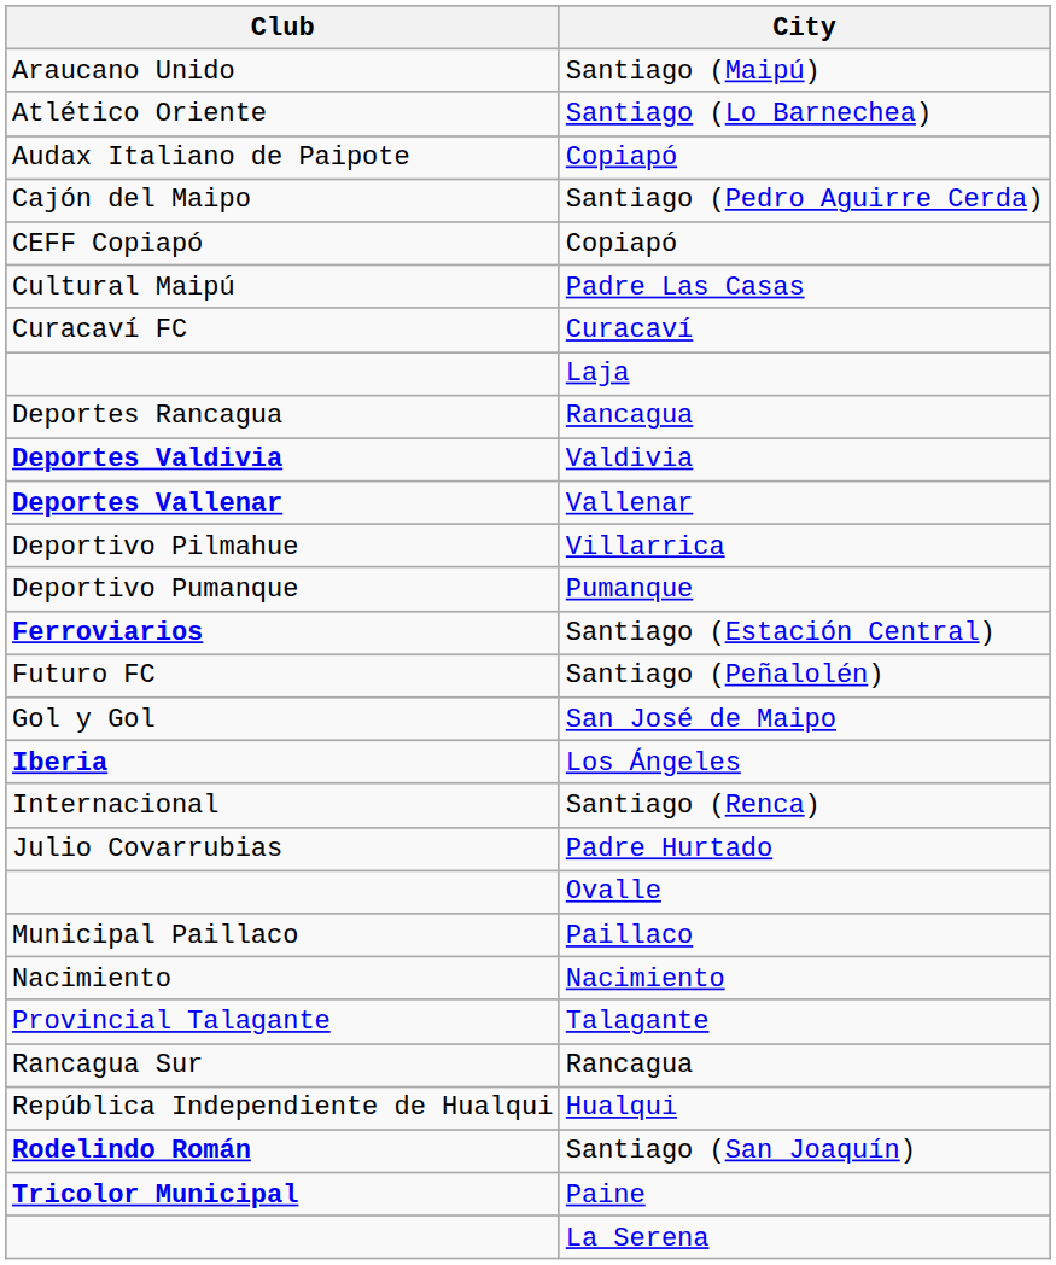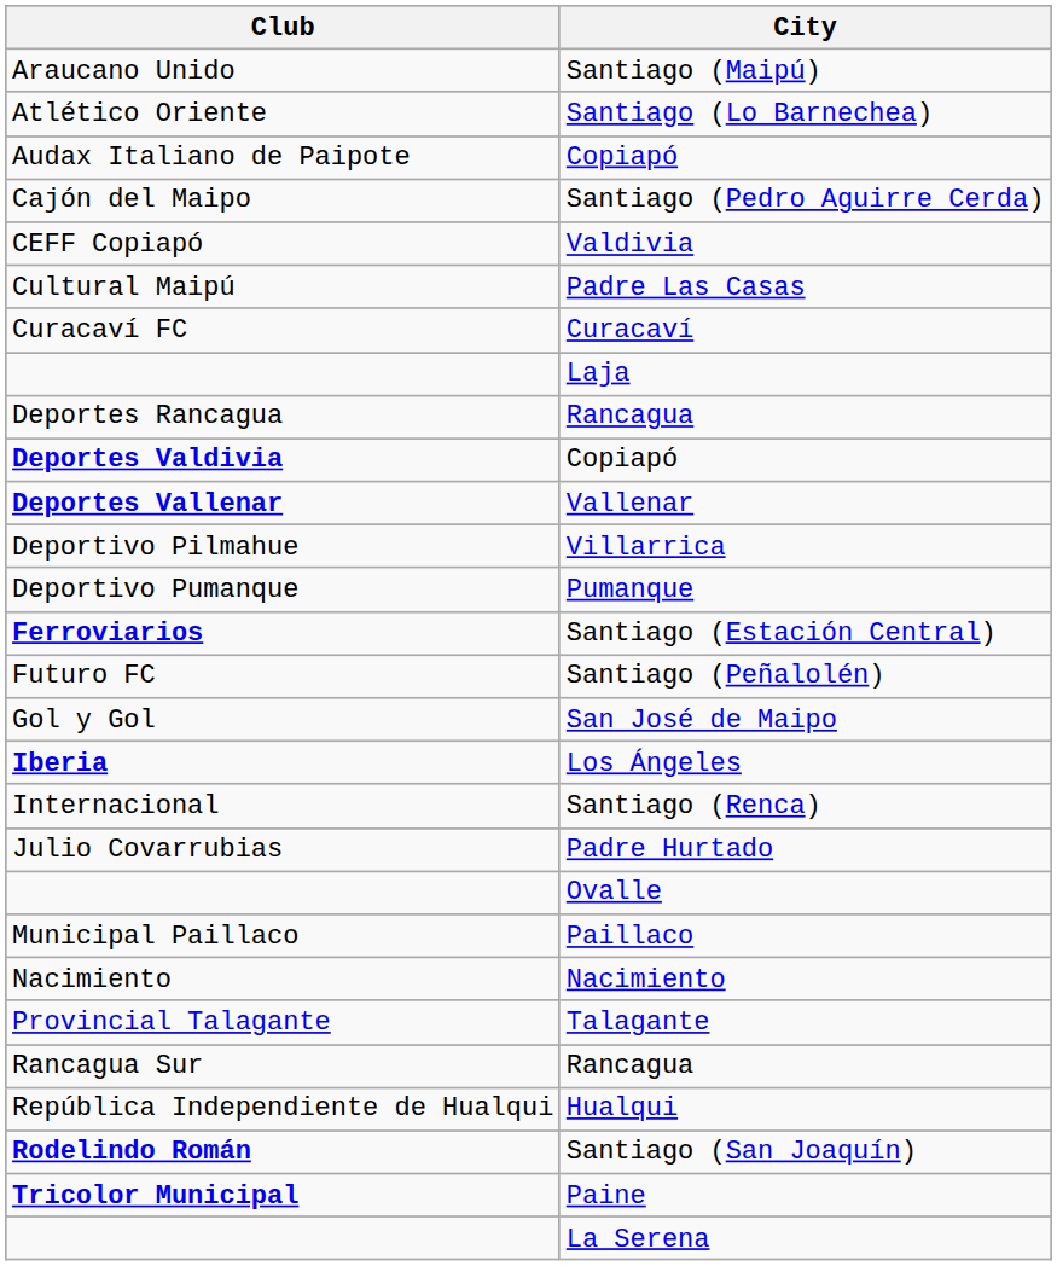 <table class="wikitable sortable">
 <tr>
 <th>Club</th>
 <th>City</th>
 </tr>
 <tr>
 <td>Araucano Unido</td>
 <td>Santiago (<a href='#'>Maipú</a>)</td>
 </tr>
 <tr>
 <td>Atlético Oriente</td>
 <td><a href='#'>Santiago</a> (<a href='#'>Lo Barnechea</a>)</td>
 </tr>
 <tr>
 <td>Audax Italiano de Paipote</td>
 <td><a href='#'>Copiapó</a></td>
 </tr>
 <tr>
 <td>Cajón del Maipo</td>
 <td>Santiago (<a href='#'>Pedro Aguirre Cerda</a>)</td>
 </tr>
 <tr>
 <td>CEFF Copiapó</td>
-<td>Copiapó</td>
+<td><a href='#'>Valdivia</a></td>
 </tr>
 <tr>
 <td>Cultural Maipú</td>
 <td><a href='#'>Padre Las Casas</a></td>
 </tr>
 <tr>
 <td>Curacaví FC</td>
 <td><a href='#'>Curacaví</a></td>
 </tr>
 <tr>
 <td><strong></strong></td>
 <td><a href='#'>Laja</a></td>
 </tr>
 <tr>
 <td>Deportes Rancagua</td>
 <td><a href='#'>Rancagua</a></td>
 </tr>
 <tr>
 <td><strong><a href='#'>Deportes Valdivia</a></strong></td>
-<td><a href='#'>Valdivia</a></td>
+<td>Copiapó</td>
 </tr>
 <tr>
 <td><strong><a href='#'>Deportes Vallenar</a></strong></td>
 <td><a href='#'>Vallenar</a></td>
 </tr>
 <tr>
 <td>Deportivo Pilmahue</td>
 <td><a href='#'>Villarrica</a></td>
 </tr>
 <tr>
 <td>Deportivo Pumanque</td>
 <td><a href='#'>Pumanque</a></td>
 </tr>
 <tr>
 <td><strong><a href='#'>Ferroviarios</a></strong></td>
 <td>Santiago (<a href='#'>Estación Central</a>)</td>
 </tr>
 <tr>
 <td>Futuro FC</td>
 <td>Santiago (<a href='#'>Peñalolén</a>)</td>
 </tr>
 <tr>
 <td>Gol y Gol</td>
 <td><a href='#'>San José de Maipo</a></td>
 </tr>
 <tr>
 <td><strong><a href='#'>Iberia</a></strong></td>
 <td><a href='#'>Los Ángeles</a></td>
 </tr>
 <tr>
 <td>Internacional</td>
 <td>Santiago (<a href='#'>Renca</a>)</td>
 </tr>
 <tr>
 <td>Julio Covarrubias</td>
 <td><a href='#'>Padre Hurtado</a></td>
 </tr>
 <tr>
 <td></td>
 <td><a href='#'>Ovalle</a></td>
 </tr>
 <tr>
 <td>Municipal Paillaco</td>
 <td><a href='#'>Paillaco</a></td>
 </tr>
 <tr>
 <td>Nacimiento</td>
 <td><a href='#'>Nacimiento</a></td>
 </tr>
 <tr>
 <td><a href='#'>Provincial Talagante</a></td>
 <td><a href='#'>Talagante</a></td>
 </tr>
 <tr>
 <td>Rancagua Sur</td>
 <td>Rancagua</td>
 </tr>
 <tr>
 <td>República Independiente de Hualqui</td>
 <td><a href='#'>Hualqui</a></td>
 </tr>
 <tr>
 <td><strong><a href='#'>Rodelindo Román</a></strong></td>
 <td>Santiago (<a href='#'>San Joaquín</a>)</td>
 </tr>
 <tr>
 <td><strong><a href='#'>Tricolor Municipal</a></strong></td>
 <td><a href='#'>Paine</a></td>
 </tr>
 <tr>
 <td></td>
 <td><a href='#'>La Serena</a></td>
 </tr>
 </table>
